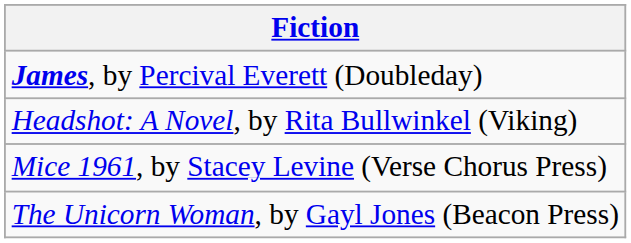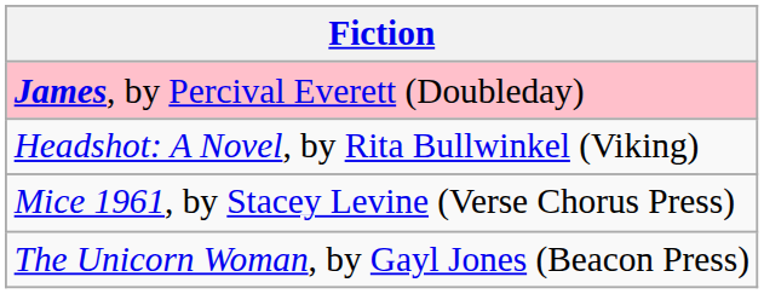 <table class="wikitable" style="float:left; float:none;">
 <tr>
 <th><a href='#'>Fiction</a></th>
 </tr>
 <tr>
-<td><strong><em><a href='#'>James</a></em></strong>, by <a href='#'>Percival Everett</a> (Doubleday)</td>
+<td style="background: pink;"><strong><em><a href='#'>James</a></em></strong>, by <a href='#'>Percival Everett</a> (Doubleday)</td>
 </tr>
 <tr>
 <td><em><a href='#'>Headshot: A Novel</a></em>, by <a href='#'>Rita Bullwinkel</a> (Viking)</td>
 </tr>
 <tr>
 <td><em><a href='#'>Mice 1961</a></em>, by <a href='#'>Stacey Levine</a> (Verse Chorus Press)</td>
 </tr>
 <tr>
 <td><em><a href='#'>The Unicorn Woman</a></em>, by <a href='#'>Gayl Jones</a> (Beacon Press)</td>
 </tr>
 </table>
